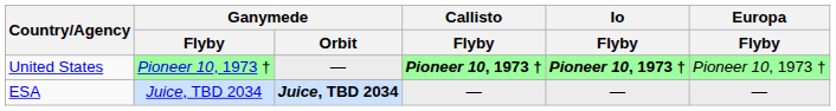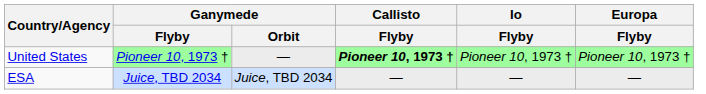 <table class="wikitable sortable">
 <tr>
 <th rowspan="2">Country/Agency</th>
 <th colspan="2">Ganymede</th>
 <th>Callisto</th>
 <th>Io</th>
 <th>Europa</th>
 </tr>
 <tr>
 <th>Flyby</th>
 <th>Orbit</th>
 <th>Flyby</th>
 <th>Flyby</th>
 <th>Flyby</th>
 </tr>
 <tr>
 <td> <a href='#'>United States</a></td>
 <td style="background:#9EFF9E; text-align:center;" data-sort-value="1"><a href='#'><em>Pioneer 10</em>, 1973</a> †</td>
 <td style="background:#ECECEC; text-align:center;" data-sort-value="1">—</td>
 <td style="background:#9EFF9E; text-align:center;" data-sort-value="1"><strong><em>Pioneer 10</em>, 1973 †</strong></td>
-<td style="background:#9EFF9E; text-align:center;" data-sort-value="1"><strong><em>Pioneer 10</em>, 1973 †</strong></td>
+<td style="background:#9EFF9E; text-align:center;" data-sort-value="1"><em>Pioneer 10</em>, 1973 †</td>
 <td style="background:#9EFF9E; text-align:center;" data-sort-value="1"><em>Pioneer 10</em>, 1973 †</td>
 </tr>
 <tr>
 <td> <a href='#'>ESA</a></td>
 <td style="background:#CCE1FF; text-align:center;" data-sort-value="2"><a href='#'><em>Juice</em>, TBD 2034</a></td>
-<td style="background:#CCE1FF; text-align:center;" data-sort-value="1"><strong><em>Juice</em>, TBD 2034</strong></td>
+<td style="background:#CCE1FF; text-align:center;" data-sort-value="1"><em>Juice</em>, TBD 2034</td>
 <td style="background:#ECECEC; text-align:center;" data-sort-value="2">—</td>
 <td style="background:#ECECEC; text-align:center;" data-sort-value="2">—</td>
 <td style="background:#ECECEC; text-align:center;" data-sort-value="2">—</td>
 </tr>
 </table>
